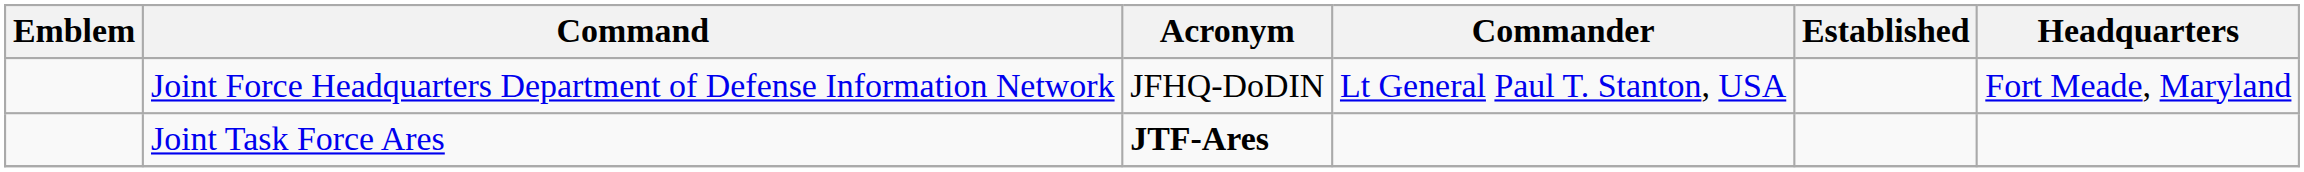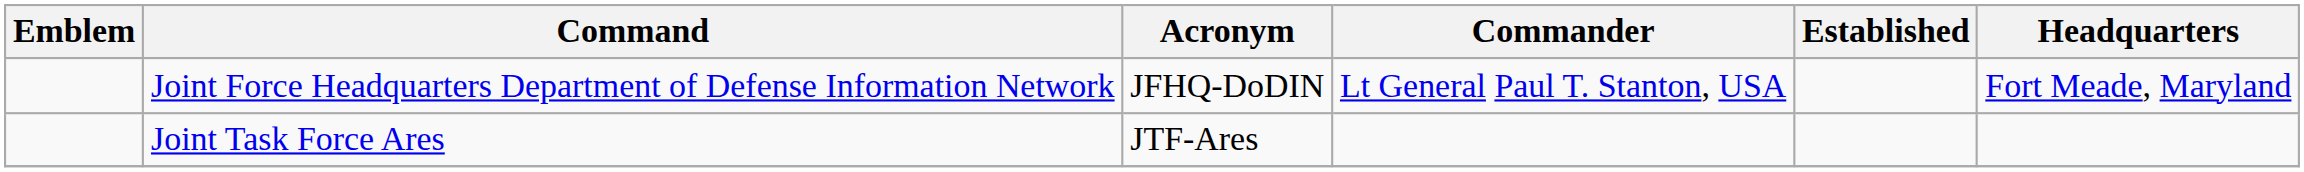 <table class="wikitable">
 <tr>
 <th>Emblem</th>
 <th>Command</th>
 <th>Acronym</th>
 <th>Commander</th>
 <th>Established</th>
 <th>Headquarters</th>
 </tr>
 <tr>
 <td></td>
 <td><a href='#'>Joint Force Headquarters Department of Defense Information Network</a></td>
 <td>JFHQ-DoDIN</td>
 <td><a href='#'>Lt General</a> <a href='#'>Paul T. Stanton</a>, <a href='#'>USA</a></td>
 <td></td>
 <td><a href='#'>Fort Meade</a>, <a href='#'>Maryland</a></td>
 </tr>
 <tr>
 <td></td>
 <td><a href='#'>Joint Task Force Ares</a></td>
-<td><strong>JTF-Ares</strong></td>
+<td>JTF-Ares</td>
 <td></td>
 <td></td>
 <td></td>
 </tr>
 <tr>
 </tr>
 </table>
